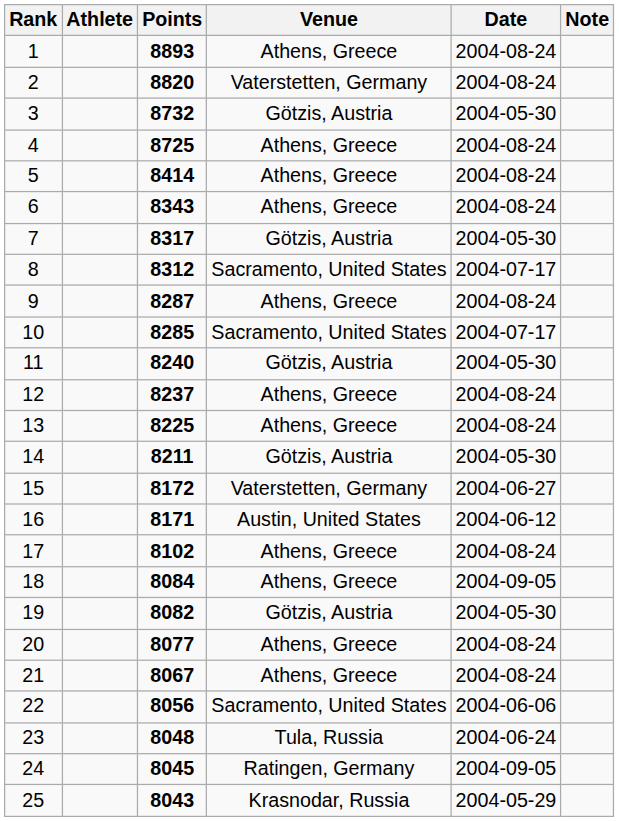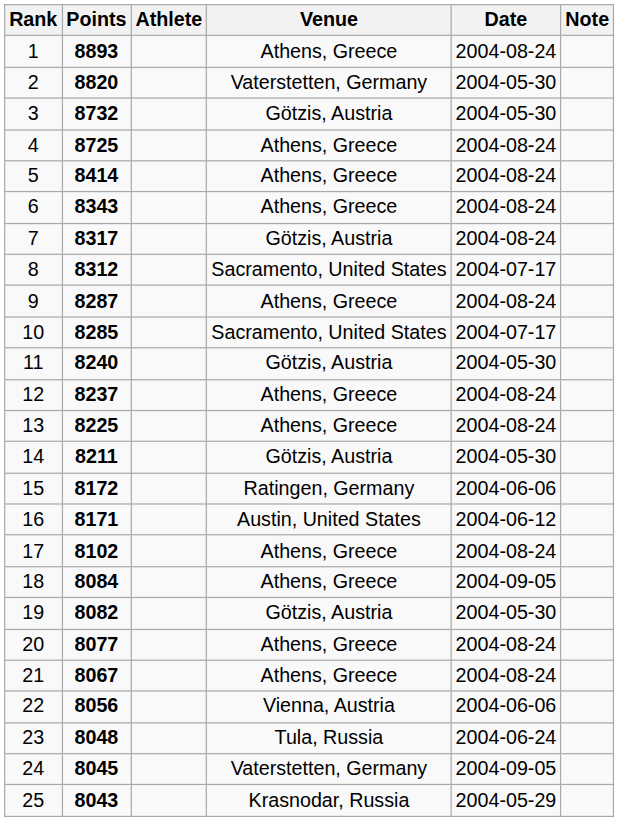 <table class="wikitable" style=" text-align:center;">
 <tr>
 <th>Rank</th>
+<th>Points</th>
 <th>Athlete</th>
-<th>Points</th>
 <th>Venue</th>
 <th>Date</th>
 <th>Note</th>
 </tr>
 <tr>
 <td>1</td>
+<td><strong>8893</strong></td>
 <td align=left></td>
-<td><strong>8893</strong></td>
 <td>Athens, Greece</td>
 <td>2004-08-24</td>
 <td></td>
 </tr>
 <tr>
 <td>2</td>
+<td><strong>8820</strong></td>
 <td align=left></td>
-<td><strong>8820</strong></td>
 <td>Vaterstetten, Germany</td>
-<td>2004-08-24</td>
+<td>2004-05-30</td>
 <td></td>
 </tr>
 <tr>
 <td>3</td>
+<td><strong>8732</strong></td>
 <td align=left></td>
-<td><strong>8732</strong></td>
 <td>Götzis, Austria</td>
 <td>2004-05-30</td>
 <td></td>
 </tr>
 <tr>
 <td>4</td>
+<td><strong>8725</strong></td>
 <td align=left></td>
-<td><strong>8725</strong></td>
 <td>Athens, Greece</td>
 <td>2004-08-24</td>
 <td></td>
 </tr>
 <tr>
 <td>5</td>
+<td><strong>8414</strong></td>
 <td align=left></td>
-<td><strong>8414</strong></td>
 <td>Athens, Greece</td>
 <td>2004-08-24</td>
 <td></td>
 </tr>
 <tr>
 <td>6</td>
+<td><strong>8343</strong></td>
 <td align=left></td>
-<td><strong>8343</strong></td>
 <td>Athens, Greece</td>
 <td>2004-08-24</td>
 <td></td>
 </tr>
 <tr>
 <td>7</td>
+<td><strong>8317</strong></td>
 <td align=left></td>
-<td><strong>8317</strong></td>
 <td>Götzis, Austria</td>
-<td>2004-05-30</td>
+<td>2004-08-24</td>
 <td></td>
 </tr>
 <tr>
 <td>8</td>
+<td><strong>8312</strong></td>
 <td align=left></td>
-<td><strong>8312</strong></td>
 <td>Sacramento, United States</td>
 <td>2004-07-17</td>
 <td></td>
 </tr>
 <tr>
 <td>9</td>
+<td><strong>8287</strong></td>
 <td align=left></td>
-<td><strong>8287</strong></td>
 <td>Athens, Greece</td>
 <td>2004-08-24</td>
 <td></td>
 </tr>
 <tr>
 <td>10</td>
+<td><strong>8285</strong></td>
 <td align=left></td>
-<td><strong>8285</strong></td>
 <td>Sacramento, United States</td>
 <td>2004-07-17</td>
 <td></td>
 </tr>
 <tr>
 <td>11</td>
+<td><strong>8240</strong></td>
 <td align=left></td>
-<td><strong>8240</strong></td>
 <td>Götzis, Austria</td>
 <td>2004-05-30</td>
 <td></td>
 </tr>
 <tr>
 <td>12</td>
+<td><strong>8237</strong></td>
 <td align=left></td>
-<td><strong>8237</strong></td>
 <td>Athens, Greece</td>
 <td>2004-08-24</td>
 <td></td>
 </tr>
 <tr>
 <td>13</td>
+<td><strong>8225</strong></td>
 <td align=left></td>
-<td><strong>8225</strong></td>
 <td>Athens, Greece</td>
 <td>2004-08-24</td>
 <td></td>
 </tr>
 <tr>
 <td>14</td>
+<td><strong>8211</strong></td>
 <td align=left></td>
-<td><strong>8211</strong></td>
 <td>Götzis, Austria</td>
 <td>2004-05-30</td>
 <td></td>
 </tr>
 <tr>
 <td>15</td>
+<td><strong>8172</strong></td>
 <td align=left></td>
-<td><strong>8172</strong></td>
-<td>Vaterstetten, Germany</td>
-<td>2004-06-27</td>
+<td>Ratingen, Germany</td>
+<td>2004-06-06</td>
 <td></td>
 </tr>
 <tr>
 <td>16</td>
+<td><strong>8171</strong></td>
 <td align=left></td>
-<td><strong>8171</strong></td>
 <td>Austin, United States</td>
 <td>2004-06-12</td>
 <td></td>
 </tr>
 <tr>
 <td>17</td>
+<td><strong>8102</strong></td>
 <td align=left></td>
-<td><strong>8102</strong></td>
 <td>Athens, Greece</td>
 <td>2004-08-24</td>
 <td></td>
 </tr>
 <tr>
 <td>18</td>
+<td><strong>8084</strong></td>
 <td align=left></td>
-<td><strong>8084</strong></td>
 <td>Athens, Greece</td>
 <td>2004-09-05</td>
 <td></td>
 </tr>
 <tr>
 <td>19</td>
+<td><strong>8082</strong></td>
 <td align=left></td>
-<td><strong>8082</strong></td>
 <td>Götzis, Austria</td>
 <td>2004-05-30</td>
 <td></td>
 </tr>
 <tr>
 <td>20</td>
+<td><strong>8077</strong></td>
 <td align=left></td>
-<td><strong>8077</strong></td>
 <td>Athens, Greece</td>
 <td>2004-08-24</td>
 <td></td>
 </tr>
 <tr>
 <td>21</td>
+<td><strong>8067</strong></td>
 <td align=left></td>
-<td><strong>8067</strong></td>
 <td>Athens, Greece</td>
 <td>2004-08-24</td>
 <td></td>
 </tr>
 <tr>
 <td>22</td>
+<td><strong>8056</strong></td>
 <td align=left></td>
-<td><strong>8056</strong></td>
-<td>Sacramento, United States</td>
+<td>Vienna, Austria</td>
 <td>2004-06-06</td>
 <td></td>
 </tr>
 <tr>
 <td>23</td>
+<td><strong>8048</strong></td>
 <td align=left></td>
-<td><strong>8048</strong></td>
 <td>Tula, Russia</td>
 <td>2004-06-24</td>
 <td></td>
 </tr>
 <tr>
 <td>24</td>
+<td><strong>8045</strong></td>
 <td align=left></td>
-<td><strong>8045</strong></td>
-<td>Ratingen, Germany</td>
+<td>Vaterstetten, Germany</td>
 <td>2004-09-05</td>
 <td></td>
 </tr>
 <tr>
 <td>25</td>
+<td><strong>8043</strong></td>
 <td align=left></td>
-<td><strong>8043</strong></td>
 <td>Krasnodar, Russia</td>
 <td>2004-05-29</td>
 <td></td>
 </tr>
 </table>
